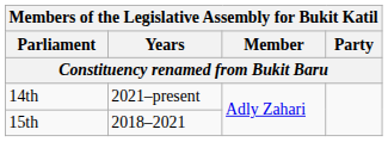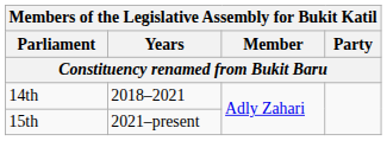 <table class="wikitable">
 <tr>
 <th colspan="4">Members of the Legislative Assembly for Bukit Katil</th>
 </tr>
 <tr>
 <th>Parliament</th>
 <th>Years</th>
 <th>Member</th>
 <th>Party</th>
 </tr>
 <tr>
 <th colspan="4"><em>Constituency renamed from Bukit Baru</em></th>
 </tr>
 <tr>
 <td>14th</td>
-<td>2021–present</td>
+<td>2018–2021</td>
 <td rowspan="2"><a href='#'>Adly Zahari</a></td>
 <td rowspan="2"></td>
 </tr>
 <tr>
 <td>15th</td>
-<td>2018–2021</td>
+<td>2021–present</td>
 </tr>
 </table>
